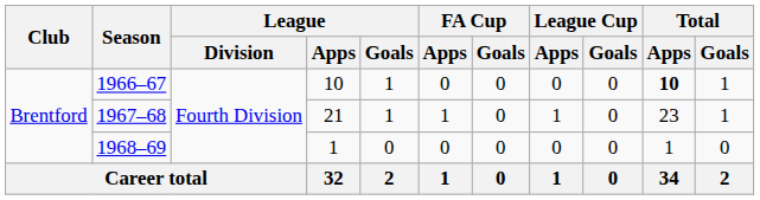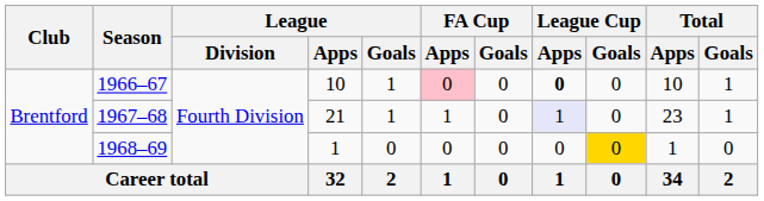 <table class="wikitable" style="text-align: center;">
 <tr>
 <th rowspan="2">Club</th>
 <th rowspan="2">Season</th>
 <th colspan="3">League</th>
 <th colspan="2">FA Cup</th>
 <th colspan="2">League Cup</th>
 <th colspan="2">Total</th>
 </tr>
 <tr>
 <th>Division</th>
 <th>Apps</th>
 <th>Goals</th>
 <th>Apps</th>
 <th>Goals</th>
 <th>Apps</th>
 <th>Goals</th>
 <th>Apps</th>
 <th>Goals</th>
 </tr>
 <tr>
 <td rowspan="3"><a href='#'>Brentford</a></td>
 <td><a href='#'>1966–67</a></td>
 <td rowspan="3"><a href='#'>Fourth Division</a></td>
 <td>10</td>
 <td>1</td>
+<td style="background: pink;">0</td>
 <td>0</td>
+<td><strong>0</strong></td>
 <td>0</td>
-<td>0</td>
-<td>0</td>
-<td><strong>10</strong></td>
+<td>10</td>
 <td>1</td>
 </tr>
 <tr>
 <td><a href='#'>1967–68</a></td>
 <td>21</td>
 <td>1</td>
 <td>1</td>
 <td>0</td>
-<td>1</td>
+<td style="background: lavender;">1</td>
 <td>0</td>
 <td>23</td>
 <td>1</td>
 </tr>
 <tr>
 <td><a href='#'>1968–69</a></td>
 <td>1</td>
 <td>0</td>
 <td>0</td>
 <td>0</td>
 <td>0</td>
-<td>0</td>
+<td style="background: gold;">0</td>
 <td>1</td>
 <td>0</td>
 </tr>
 <tr>
 <th colspan="3">Career total</th>
 <th>32</th>
 <th>2</th>
 <th>1</th>
 <th>0</th>
 <th>1</th>
 <th>0</th>
 <th>34</th>
 <th>2</th>
 </tr>
 </table>
